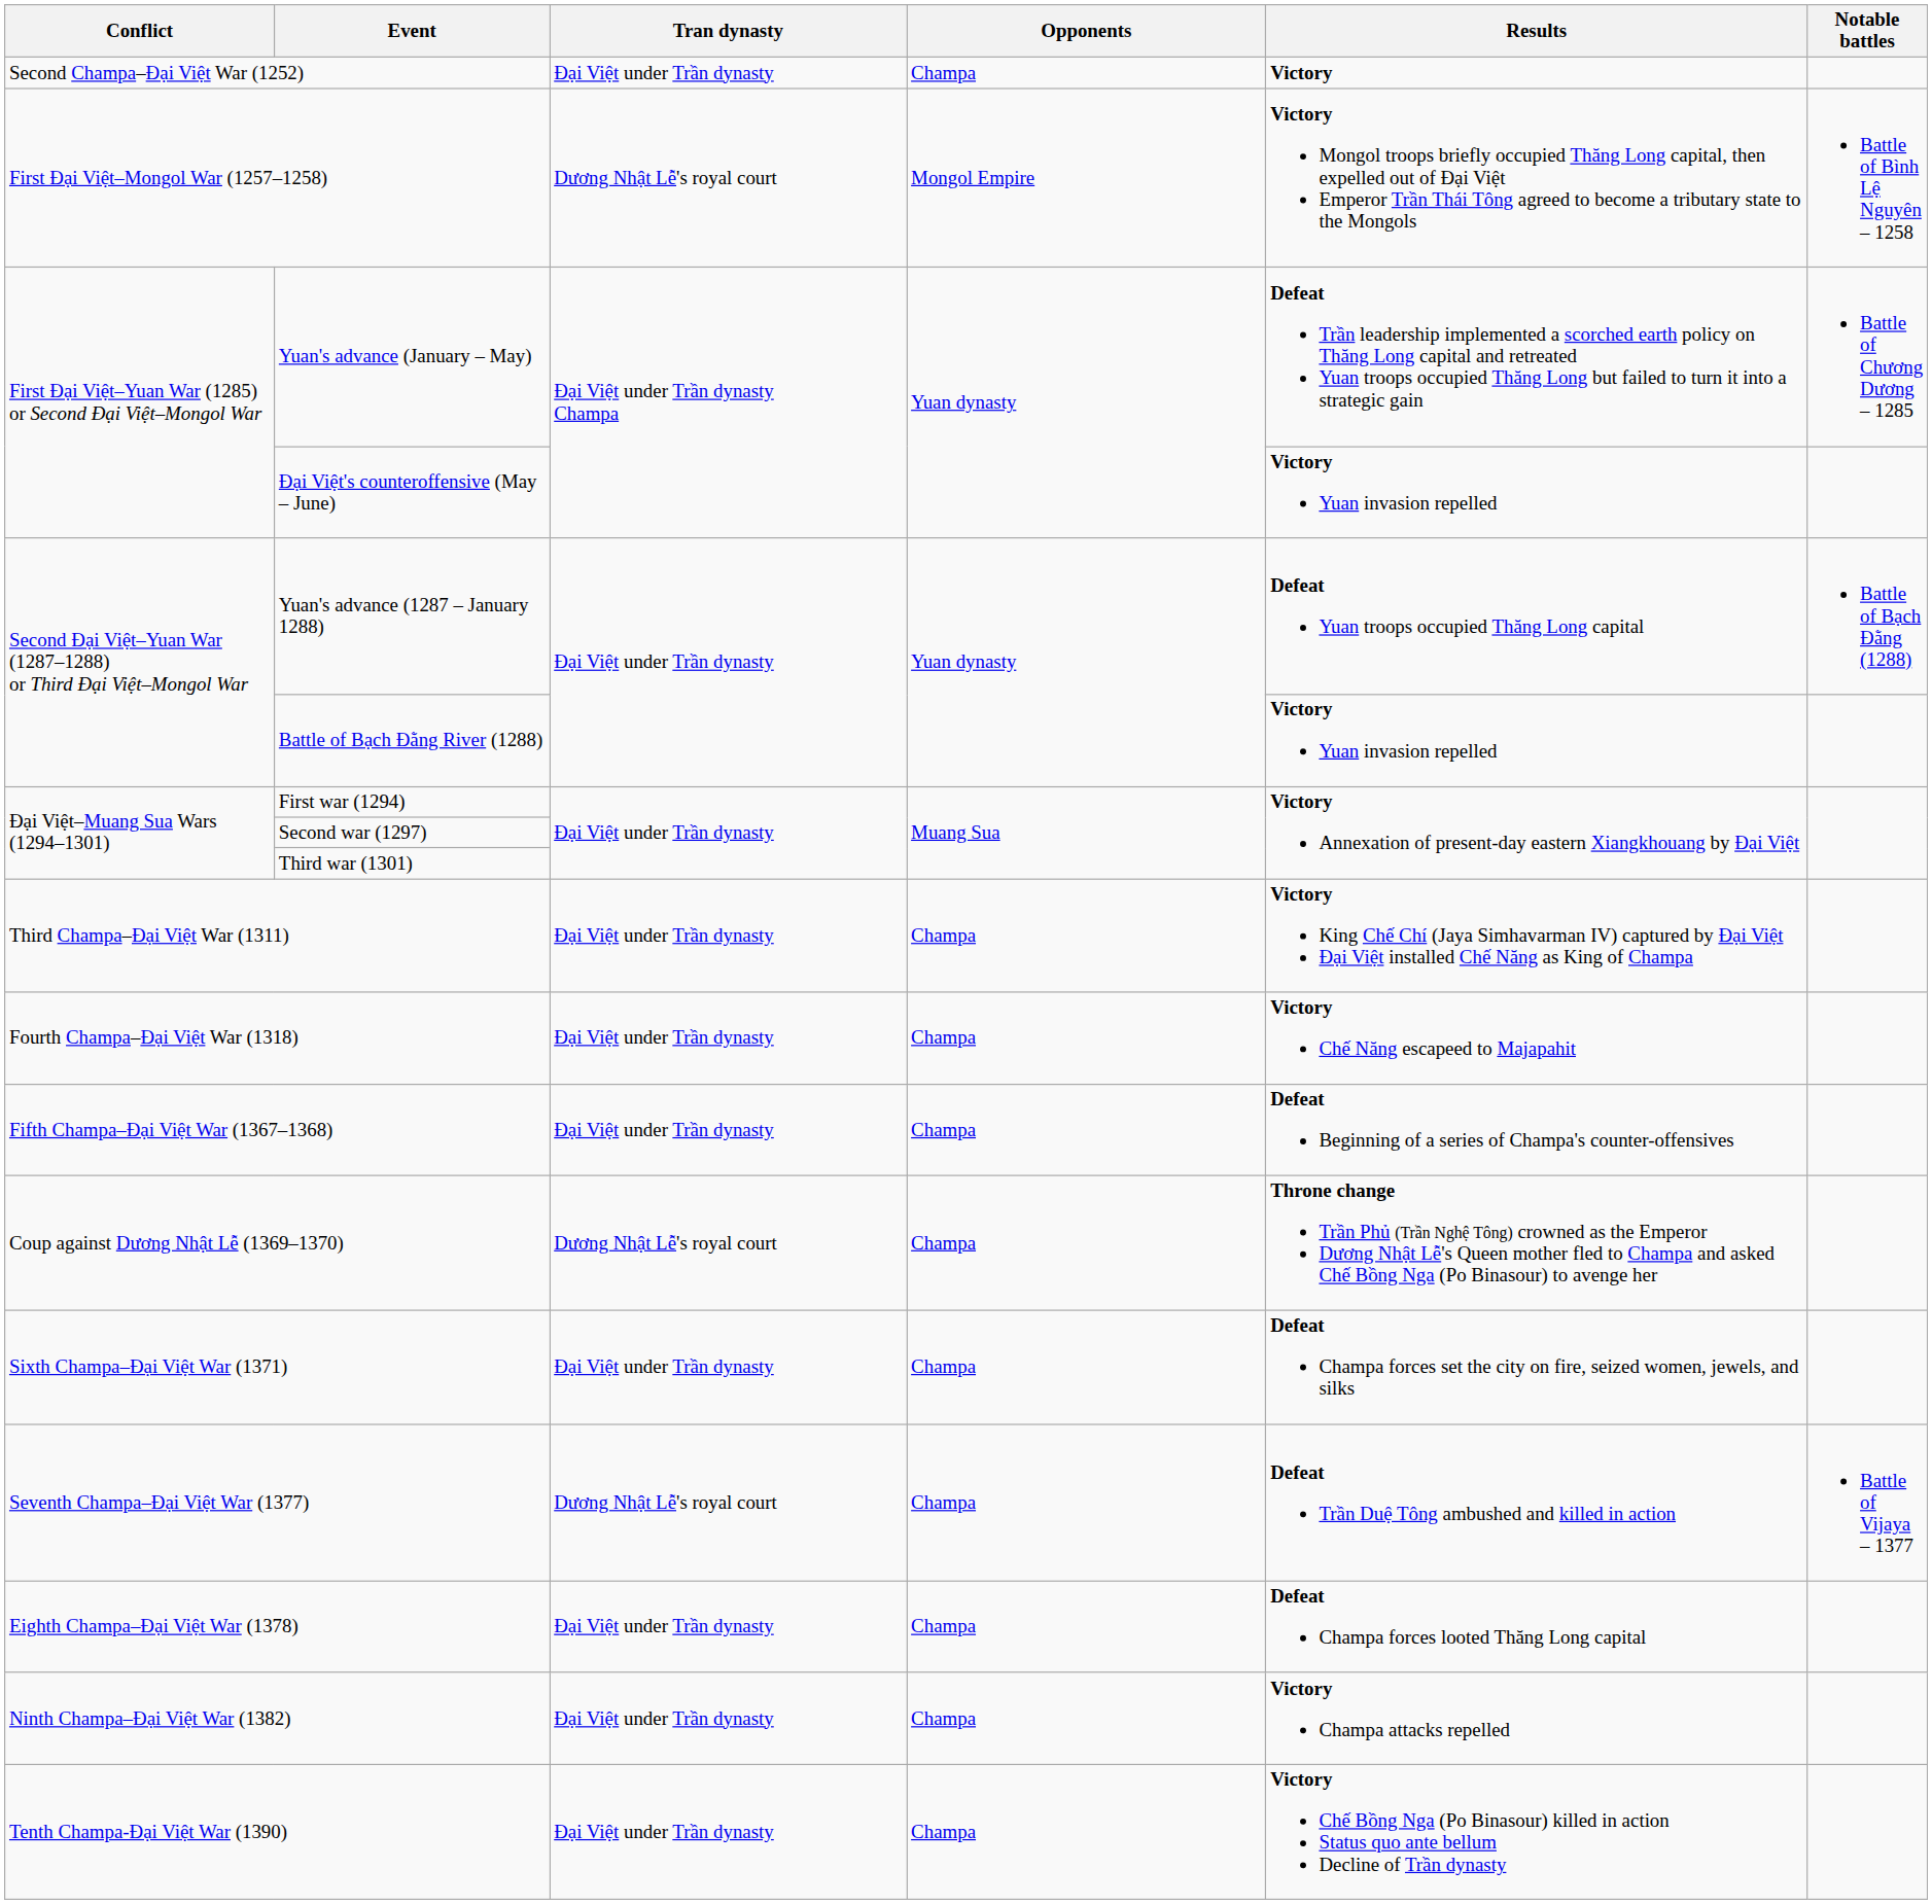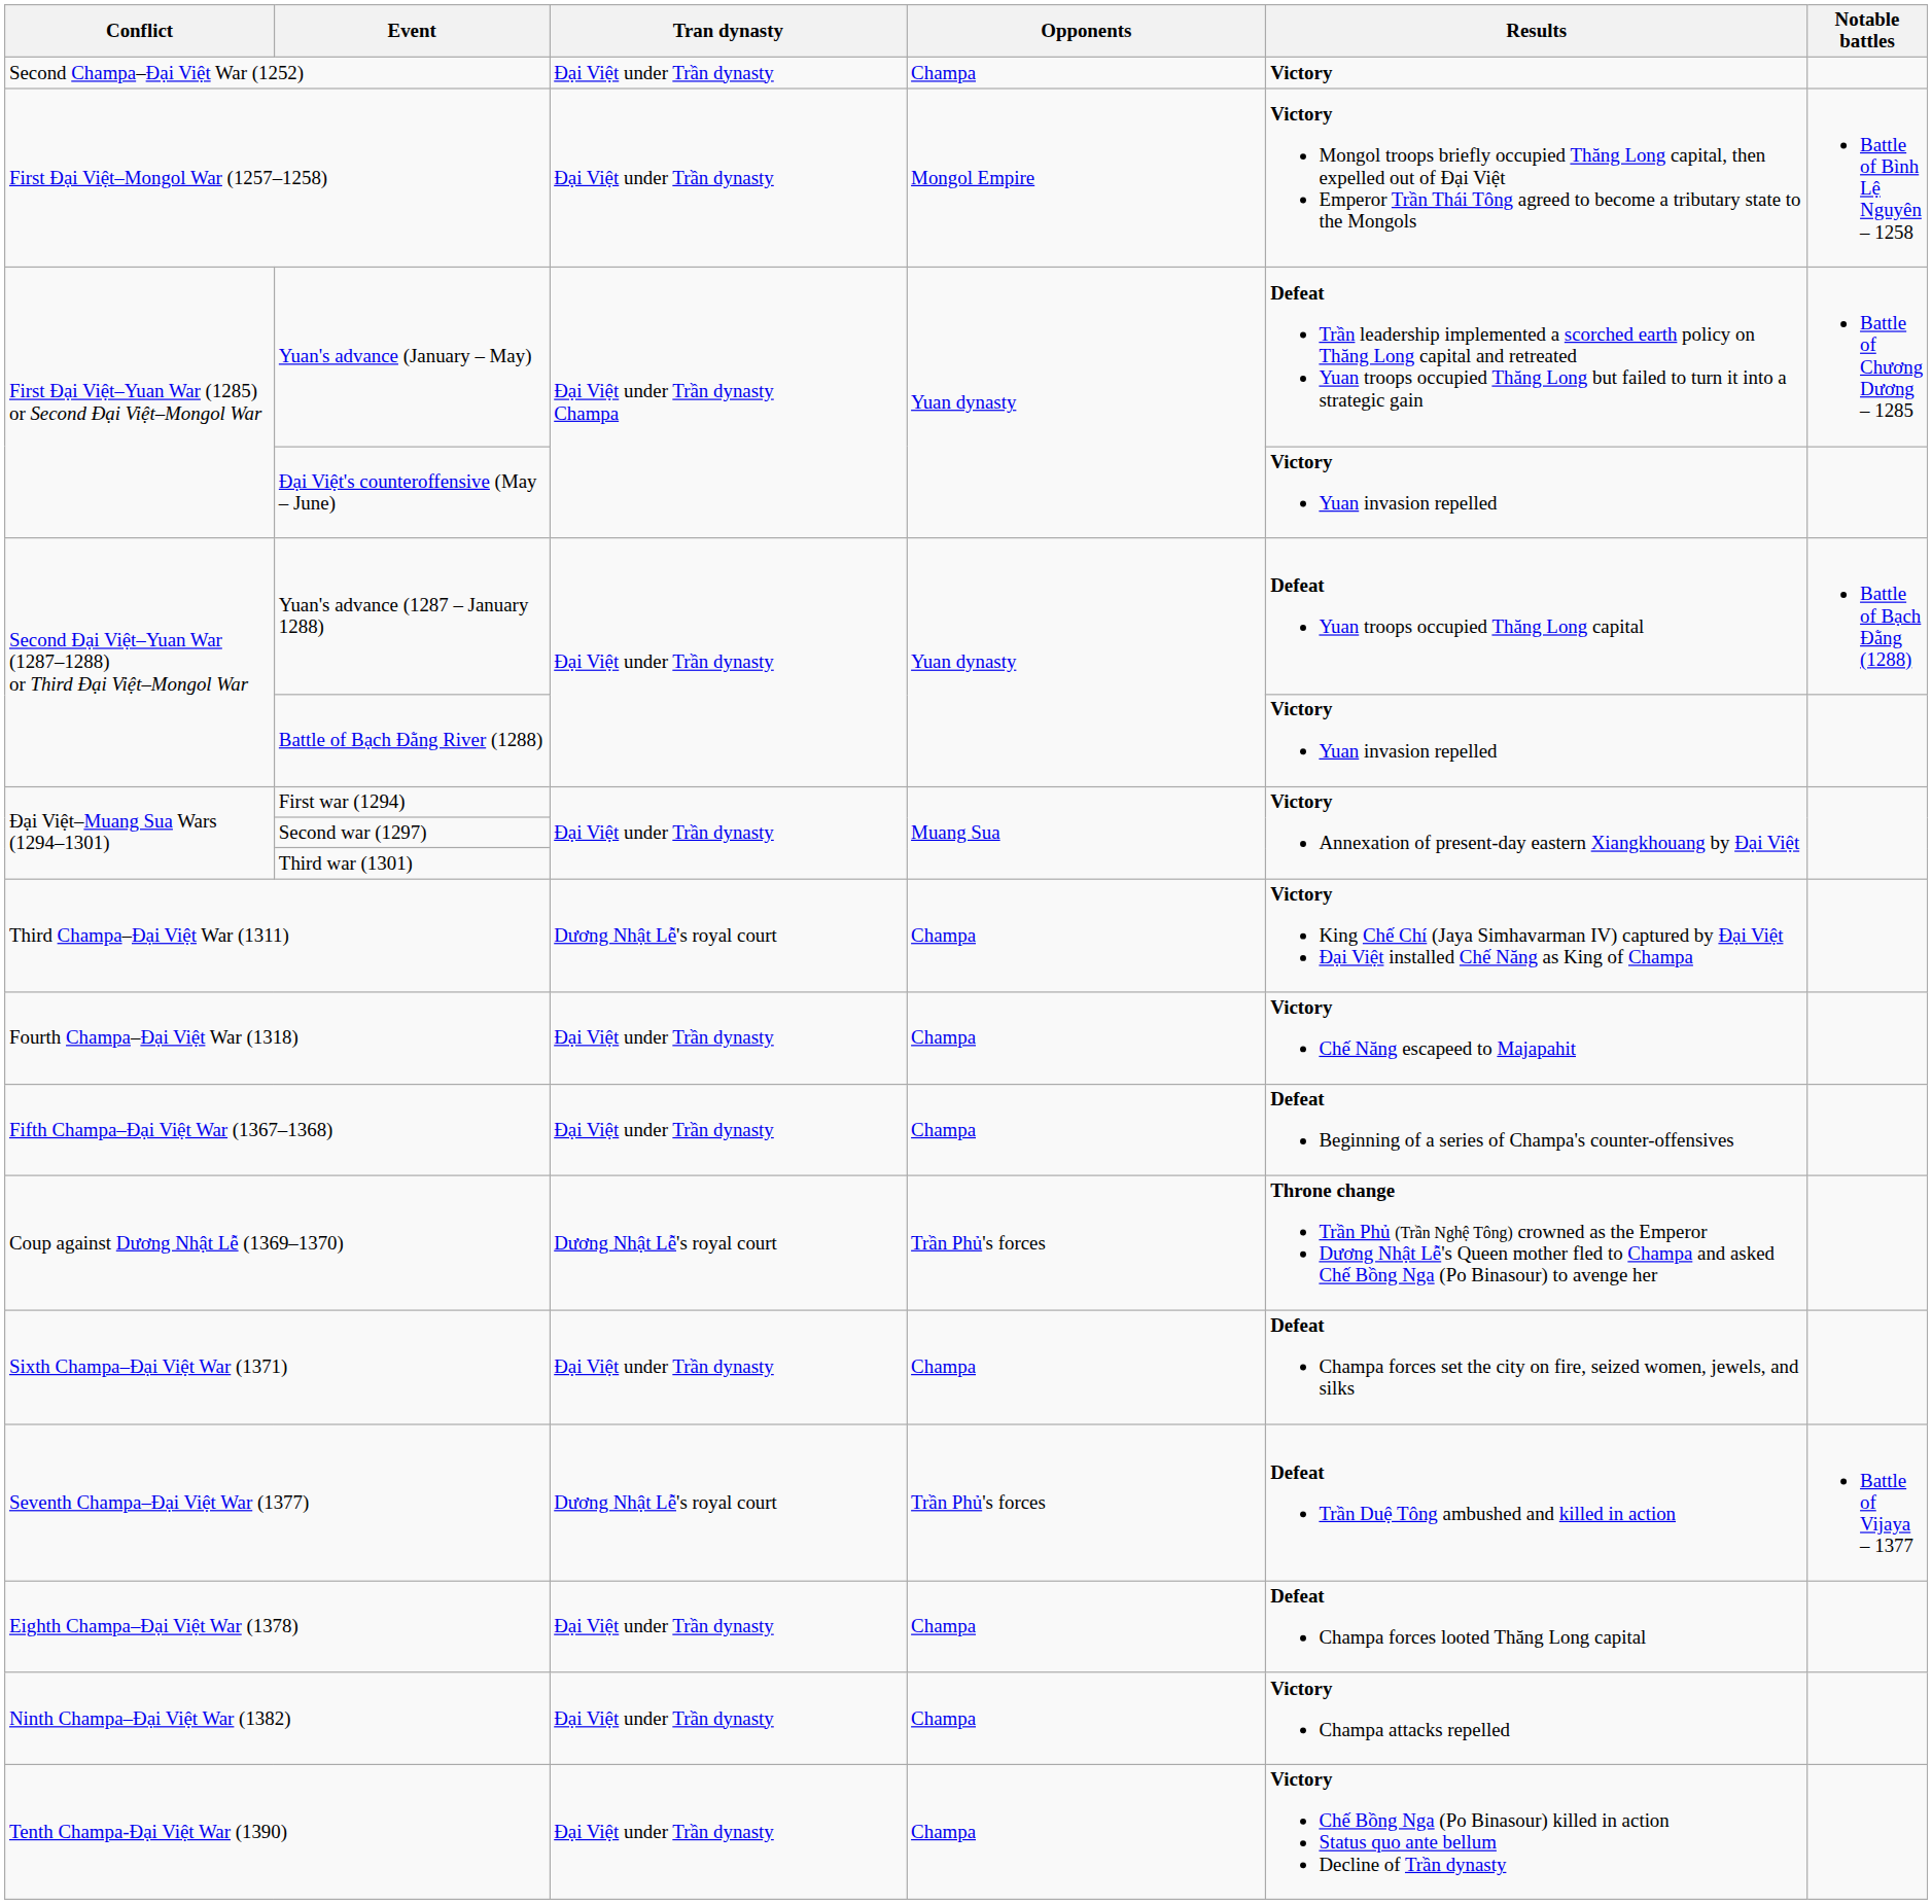 <table class="wikitable" width="100%">
 <tr>
 <th width="15%">Conflict</th>
 <th width="15%">Event</th>
 <th width="20%">Tran dynasty</th>
 <th width="20%">Opponents</th>
 <th width="30%">Results</th>
 <th>Notable battles</th>
 </tr>
 <tr>
 <td colspan = "2">Second <a href='#'>Champa</a>–<a href='#'>Đại Việt</a> War (1252)</td>
 <td><a href='#'>Đại Việt</a> under <a href='#'>Trần dynasty</a></td>
 <td><a href='#'>Champa</a></td>
 <td><strong>Victory</strong></td>
 <td></td>
 </tr>
 <tr>
 <td colspan = "2"><a href='#'>First Đại Việt–Mongol War</a> (1257–1258)</td>
-<td><a href='#'>Dương Nhật Lễ</a>'s royal court</td>
+<td><a href='#'>Đại Việt</a> under <a href='#'>Trần dynasty</a></td>
 <td><a href='#'>Mongol Empire</a></td>
 <td><strong>Victory</strong><br><ul><li>Mongol troops briefly occupied <a href='#'>Thăng Long</a> capital, then expelled out of Đại Việt</li><li>Emperor <a href='#'>Trần Thái Tông</a> agreed to become a tributary state to the Mongols</li></ul></td>
 <td><br><ul><li><a href='#'>Battle of Bình Lệ Nguyên</a> – 1258</li></ul></td>
 </tr>
 <tr>
 <td rowspan = "2"><a href='#'>First Đại Việt–Yuan War</a> (1285)<br> or <em>Second Đại Việt–Mongol War</em></td>
 <td><a href='#'>Yuan's advance</a> (January – May)</td>
 <td rowspan = "2"><a href='#'>Đại Việt</a> under <a href='#'>Trần dynasty</a> <br> <a href='#'>Champa</a></td>
 <td rowspan = "2"><a href='#'>Yuan dynasty</a></td>
 <td><strong>Defeat</strong><br><ul><li><a href='#'>Trần</a> leadership implemented a <a href='#'>scorched earth</a> policy on <a href='#'>Thăng Long</a> capital and retreated</li><li><a href='#'>Yuan</a> troops occupied <a href='#'>Thăng Long</a> but failed to turn it into a strategic gain</li></ul></td>
 <td><br><ul><li><a href='#'>Battle of Chương Dương</a> – 1285</li></ul></td>
 </tr>
 <tr>
 <td><a href='#'>Đại Việt's counteroffensive</a> (May – June)</td>
 <td><strong>Victory</strong><br><ul><li><a href='#'>Yuan</a> invasion repelled</li></ul></td>
 <td></td>
 </tr>
 <tr>
 <td rowspan = "2"><a href='#'>Second Đại Việt–Yuan War</a> (1287–1288)<br> or <em>Third Đại Việt–Mongol War</em></td>
 <td>Yuan's advance (1287 – January 1288)</td>
 <td rowspan = "2"><a href='#'>Đại Việt</a> under <a href='#'>Trần dynasty</a></td>
 <td rowspan = "2"><a href='#'>Yuan dynasty</a></td>
 <td><strong>Defeat</strong><br><ul><li><a href='#'>Yuan</a> troops occupied <a href='#'>Thăng Long</a> capital</li></ul></td>
 <td><br><ul><li><a href='#'>Battle of Bạch Đằng (1288)</a></li></ul></td>
 </tr>
 <tr>
 <td><a href='#'>Battle of Bạch Đằng River</a> (1288)</td>
 <td><strong>Victory</strong><br><ul><li><a href='#'>Yuan</a> invasion repelled</li></ul></td>
 <td></td>
 </tr>
 <tr>
 <td rowspan = "3">Đại Việt–<a href='#'>Muang Sua</a> Wars (1294–1301)</td>
 <td>First war (1294)</td>
 <td rowspan = "3"><a href='#'>Đại Việt</a> under <a href='#'>Trần dynasty</a></td>
 <td rowspan = "3"><a href='#'>Muang Sua</a></td>
 <td rowspan = "3"><strong>Victory</strong><br><ul><li>Annexation of present-day eastern <a href='#'>Xiangkhouang</a> by <a href='#'>Đại Việt</a></li></ul></td>
 <td rowspan="3"></td>
 </tr>
 <tr>
 <td>Second war (1297)</td>
 </tr>
 <tr>
 <td>Third war (1301)</td>
 </tr>
 <tr>
 <td colspan = "2">Third <a href='#'>Champa</a>–<a href='#'>Đại Việt</a> War (1311)</td>
-<td><a href='#'>Đại Việt</a> under <a href='#'>Trần dynasty</a></td>
+<td><a href='#'>Dương Nhật Lễ</a>'s royal court</td>
 <td><a href='#'>Champa</a></td>
 <td><strong>Victory</strong><br><ul><li>King <a href='#'>Chế Chí</a> (Jaya Simhavarman IV) captured by <a href='#'>Đại Việt</a></li><li><a href='#'>Đại Việt</a> installed <a href='#'>Chế Năng</a> as King of <a href='#'>Champa</a></li></ul></td>
 <td></td>
 </tr>
 <tr>
 <td colspan = "2">Fourth <a href='#'>Champa</a>–<a href='#'>Đại Việt</a> War (1318)</td>
 <td><a href='#'>Đại Việt</a> under <a href='#'>Trần dynasty</a></td>
 <td><a href='#'>Champa</a></td>
 <td><strong>Victory</strong><br><ul><li><a href='#'>Chế Năng</a> escapeed to <a href='#'>Majapahit</a></li></ul></td>
 <td></td>
 </tr>
 <tr>
 <td colspan = "2"><a href='#'>Fifth Champa–Đại Việt War</a> (1367–1368)</td>
 <td><a href='#'>Đại Việt</a> under <a href='#'>Trần dynasty</a></td>
 <td><a href='#'>Champa</a></td>
 <td><strong>Defeat</strong><br><ul><li>Beginning of a series of Champa's counter-offensives</li></ul></td>
 <td></td>
 </tr>
 <tr>
 <td colspan = "2">Coup against <a href='#'>Dương Nhật Lễ</a> (1369–1370)</td>
 <td><a href='#'>Dương Nhật Lễ</a>'s royal court</td>
-<td><a href='#'>Champa</a></td>
+<td><a href='#'>Trần Phủ</a>'s forces</td>
 <td><strong>Throne change</strong><br><ul><li><a href='#'>Trần Phủ</a> <small>(Trần Nghệ Tông)</small> crowned as the Emperor</li><li><a href='#'>Dương Nhật Lễ</a>'s Queen mother fled to <a href='#'>Champa</a> and asked <a href='#'>Chế Bồng Nga</a> (Po Binasour) to avenge her</li></ul></td>
 <td></td>
 </tr>
 <tr>
 <td colspan = "2"><a href='#'>Sixth Champa–Đại Việt War</a> (1371)</td>
 <td><a href='#'>Đại Việt</a> under <a href='#'>Trần dynasty</a></td>
 <td><a href='#'>Champa</a></td>
 <td><strong>Defeat</strong><br><ul><li>Champa forces set the city on fire, seized women, jewels, and silks</li></ul></td>
 <td></td>
 </tr>
 <tr>
 <td colspan = "2"><a href='#'>Seventh Champa–Đại Việt War</a> (1377)</td>
 <td><a href='#'>Dương Nhật Lễ</a>'s royal court</td>
-<td><a href='#'>Champa</a></td>
+<td><a href='#'>Trần Phủ</a>'s forces</td>
 <td><strong>Defeat</strong><br><ul><li><a href='#'>Trần Duệ Tông</a> ambushed and <a href='#'>killed in action</a></li></ul></td>
 <td><br><ul><li><a href='#'>Battle of Vijaya</a> – 1377</li></ul></td>
 </tr>
 <tr>
 <td colspan = "2"><a href='#'>Eighth Champa–Đại Việt War</a> (1378)</td>
 <td><a href='#'>Đại Việt</a> under <a href='#'>Trần dynasty</a></td>
 <td><a href='#'>Champa</a></td>
 <td><strong>Defeat</strong><br><ul><li>Champa forces looted Thăng Long capital</li></ul></td>
 <td></td>
 </tr>
 <tr>
 <td colspan = "2"><a href='#'>Ninth Champa–Đại Việt War</a> (1382)</td>
 <td><a href='#'>Đại Việt</a> under <a href='#'>Trần dynasty</a></td>
 <td><a href='#'>Champa</a></td>
 <td><strong>Victory</strong><br><ul><li>Champa attacks repelled</li></ul></td>
 <td></td>
 </tr>
 <tr>
 <td colspan = "2"><a href='#'>Tenth Champa-Đại Việt War</a> (1390)</td>
 <td><a href='#'>Đại Việt</a> under <a href='#'>Trần dynasty</a></td>
 <td><a href='#'>Champa</a></td>
 <td><strong>Victory</strong><br><ul><li><a href='#'>Chế Bồng Nga</a> (Po Binasour) killed in action</li><li><a href='#'>Status quo ante bellum</a></li><li>Decline of <a href='#'>Trần dynasty</a></li></ul></td>
 <td></td>
 </tr>
 </table>
